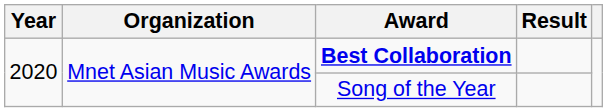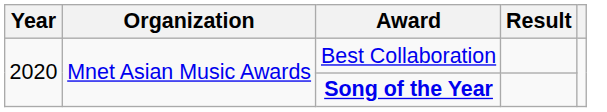 <table class="wikitable">
 <tr>
 <th>Year</th>
 <th>Organization</th>
 <th>Award</th>
 <th>Result</th>
 <th></th>
 </tr>
 <tr>
 <td align=center rowspan=2>2020</td>
 <td align=center rowspan=2><a href='#'>Mnet Asian Music Awards</a></td>
-<td align=center><strong><a href='#'>Best Collaboration</a></strong></td>
+<td align=center><a href='#'>Best Collaboration</a></td>
 <td></td>
 <td align=center rowspan=2></td>
 </tr>
 <tr>
-<td align=center><a href='#'>Song of the Year</a></td>
+<td align=center><strong><a href='#'>Song of the Year</a></strong></td>
 <td></td>
 </tr>
 </table>
